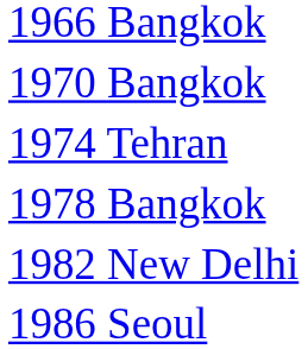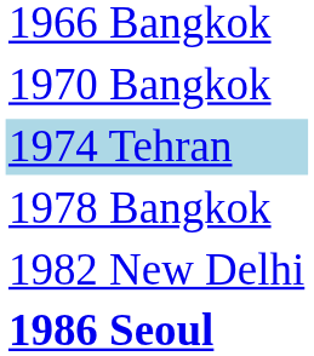 <table>
 <tr>
 <td><a href='#'>1966 Bangkok</a></td>
 <td></td>
 <td></td>
 <td></td>
 </tr>
 <tr>
 <td><a href='#'>1970 Bangkok</a></td>
 <td></td>
 <td></td>
 <td></td>
 </tr>
 <tr>
-<td><a href='#'>1974 Tehran</a></td>
+<td style="background: lightblue;"><a href='#'>1974 Tehran</a></td>
 <td></td>
 <td></td>
 <td></td>
 </tr>
 <tr>
 <td><a href='#'>1978 Bangkok</a></td>
 <td></td>
 <td></td>
 <td></td>
 </tr>
 <tr>
 <td><a href='#'>1982 New Delhi</a></td>
 <td></td>
 <td></td>
 <td></td>
 </tr>
 <tr>
-<td><a href='#'>1986 Seoul</a></td>
+<td><strong><a href='#'>1986 Seoul</a></strong></td>
 <td></td>
 <td></td>
 <td></td>
 </tr>
 </table>
